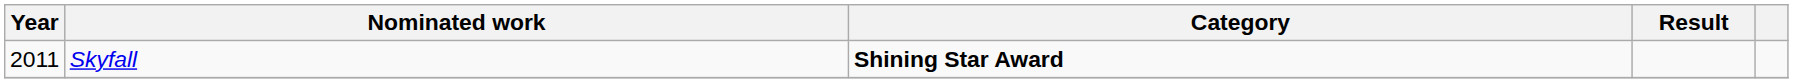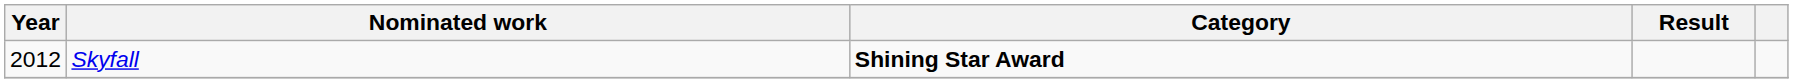 <table class="wikitable">
 <tr>
 <th scope="col" style="width:1em;">Year</th>
 <th scope="col" style="width:35em;">Nominated work</th>
 <th scope="col" style="width:35em;">Category</th>
 <th scope="col" style="width:5em;">Result</th>
 <th scope="col" style="width:1em;"></th>
 </tr>
 <tr>
-<td>2011</td>
+<td>2012</td>
 <td><em><a href='#'>Skyfall</a></em></td>
 <td><strong>Shining Star Award</strong></td>
 <td></td>
 <td></td>
 </tr>
 <tr>
 </tr>
 </table>
